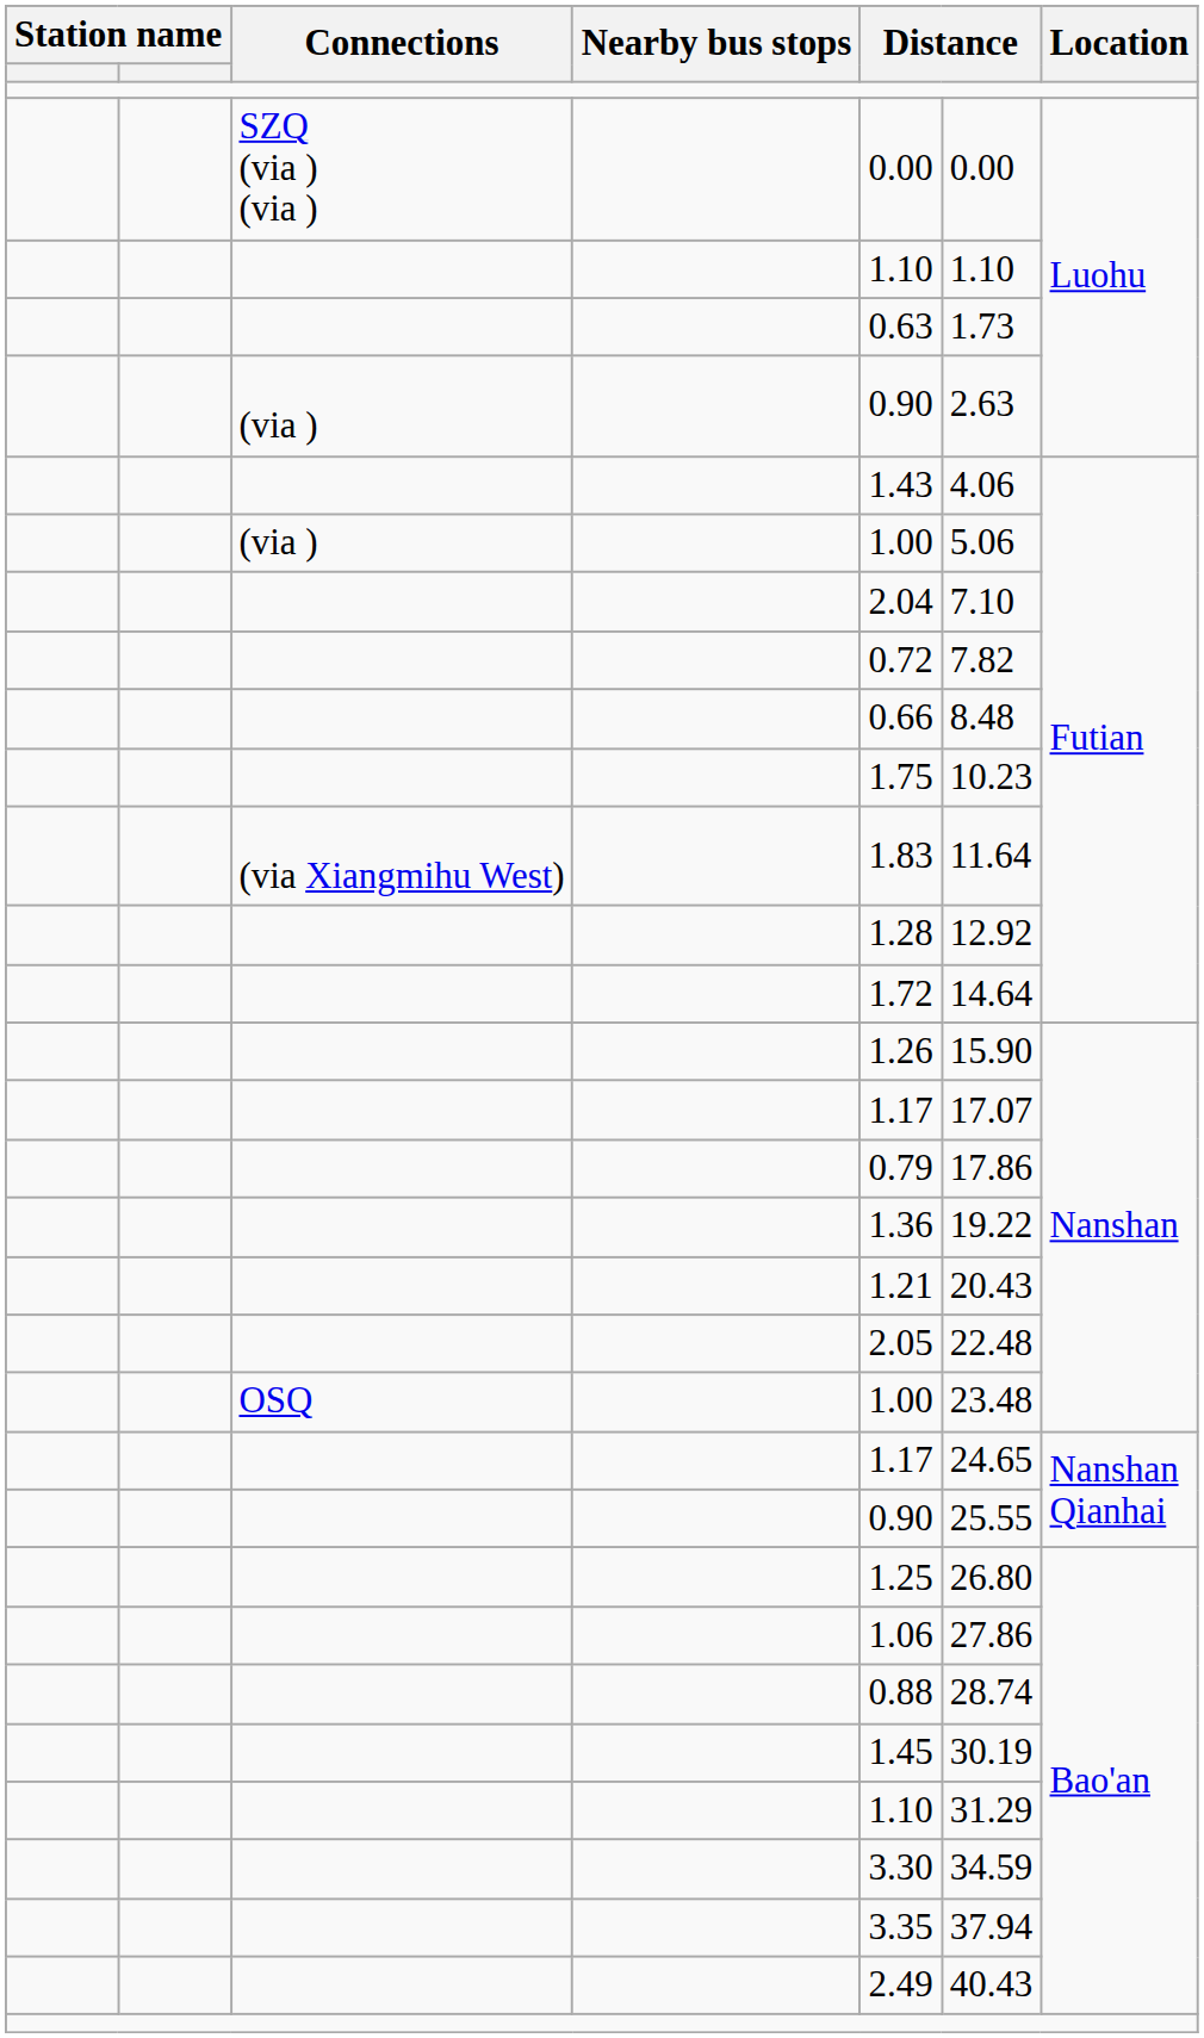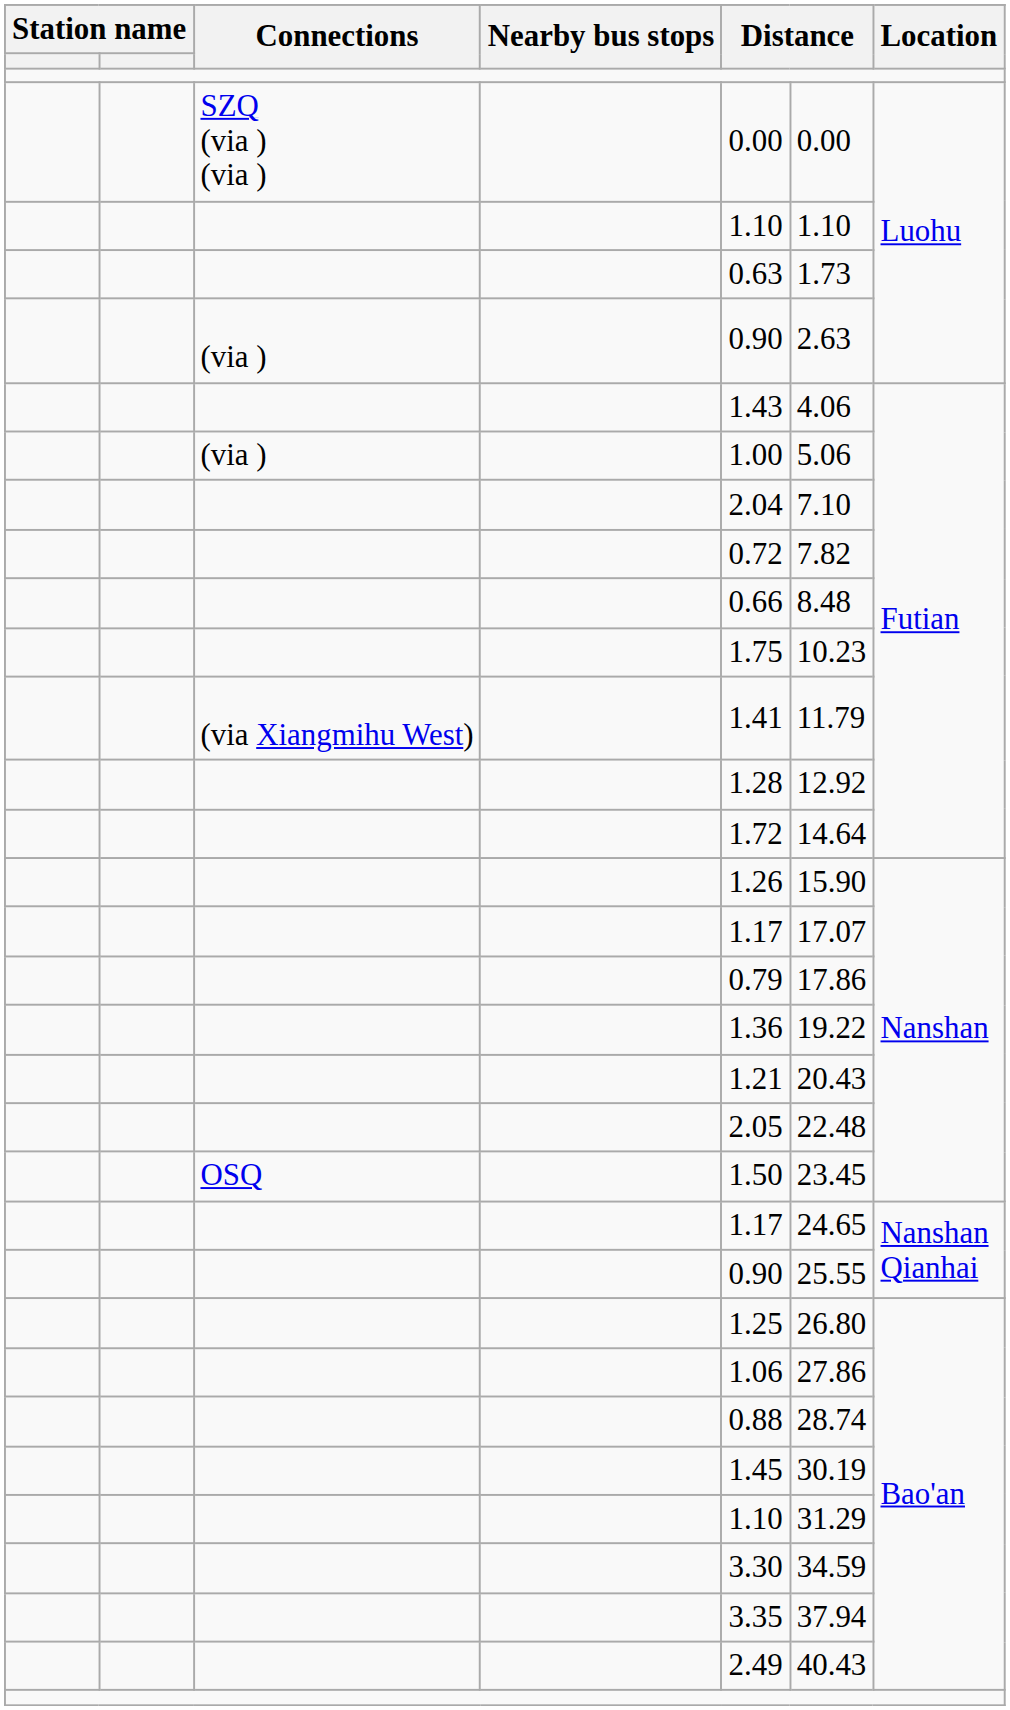 <table class="wikitable">
 <tr>
 <th colspan="2">Station name</th>
 <th rowspan="2">Connections</th>
 <th rowspan="2">Nearby bus stops</th>
 <th colspan="2" rowspan="2">Distance<br></th>
 <th rowspan="2">Location</th>
 </tr>
 <tr>
 <th></th>
 <th></th>
 </tr>
 <tr style="background:#">
 <td colspan = "9"></td>
 </tr>
 <tr>
 <td></td>
 <td></td>
 <td>    <a href='#'>SZQ</a> <br>  (via )<br>  (via )</td>
 <td></td>
 <td>0.00</td>
 <td>0.00</td>
 <td rowspan=4><a href='#'>Luohu</a></td>
 </tr>
 <tr>
 <td></td>
 <td></td>
 <td></td>
 <td></td>
 <td>1.10</td>
 <td>1.10</td>
 </tr>
 <tr>
 <td></td>
 <td></td>
 <td> </td>
 <td></td>
 <td>0.63</td>
 <td>1.73</td>
 </tr>
 <tr>
 <td></td>
 <td></td>
 <td>  <br>  (via )</td>
 <td></td>
 <td>0.90</td>
 <td>2.63</td>
 </tr>
 <tr>
 <td></td>
 <td></td>
 <td></td>
 <td></td>
 <td>1.43</td>
 <td>4.06</td>
 <td rowspan=9><a href='#'>Futian</a></td>
 </tr>
 <tr>
 <td></td>
 <td></td>
 <td>   (via )</td>
 <td></td>
 <td>1.00</td>
 <td>5.06</td>
 </tr>
 <tr>
 <td></td>
 <td></td>
 <td></td>
 <td></td>
 <td>2.04</td>
 <td>7.10</td>
 </tr>
 <tr>
 <td></td>
 <td></td>
 <td></td>
 <td></td>
 <td>0.72</td>
 <td>7.82</td>
 </tr>
 <tr>
 <td></td>
 <td></td>
 <td></td>
 <td></td>
 <td>0.66</td>
 <td>8.48</td>
 </tr>
 <tr>
 <td></td>
 <td></td>
 <td></td>
 <td></td>
 <td>1.75</td>
 <td>10.23</td>
 </tr>
 <tr>
 <td></td>
 <td></td>
 <td>  <br>   (via <a href='#'>Xiangmihu West</a>)</td>
 <td></td>
-<td>1.83</td>
-<td>11.64</td>
+<td>1.41</td>
+<td>11.79</td>
 </tr>
 <tr>
 <td></td>
 <td></td>
 <td></td>
 <td></td>
 <td>1.28</td>
 <td>12.92</td>
 </tr>
 <tr>
 <td></td>
 <td></td>
 <td></td>
 <td></td>
 <td>1.72</td>
 <td>14.64</td>
 </tr>
 <tr>
 <td></td>
 <td></td>
 <td></td>
 <td></td>
 <td>1.26</td>
 <td>15.90</td>
 <td rowspan=7><a href='#'>Nanshan</a></td>
 </tr>
 <tr>
 <td></td>
 <td></td>
 <td> </td>
 <td></td>
 <td>1.17</td>
 <td>17.07</td>
 </tr>
 <tr>
 <td></td>
 <td></td>
 <td> </td>
 <td></td>
 <td>0.79</td>
 <td>17.86</td>
 </tr>
 <tr>
 <td></td>
 <td></td>
 <td></td>
 <td></td>
 <td>1.36</td>
 <td>19.22</td>
 </tr>
 <tr>
 <td></td>
 <td></td>
 <td> </td>
 <td></td>
 <td>1.21</td>
 <td>20.43</td>
 </tr>
 <tr>
 <td></td>
 <td></td>
 <td></td>
 <td></td>
 <td>2.05</td>
 <td>22.48</td>
 </tr>
 <tr>
 <td></td>
 <td></td>
 <td> <a href='#'>OSQ</a></td>
 <td></td>
-<td>1.00</td>
-<td>23.48</td>
+<td>1.50</td>
+<td>23.45</td>
 </tr>
 <tr>
 <td></td>
 <td></td>
 <td></td>
 <td></td>
 <td>1.17</td>
 <td>24.65</td>
 <td rowspan=2><a href='#'>Nanshan</a><br><a href='#'>Qianhai</a></td>
 </tr>
 <tr>
 <td></td>
 <td></td>
 <td> </td>
 <td></td>
 <td>0.90</td>
 <td>25.55</td>
 </tr>
 <tr>
 <td></td>
 <td></td>
 <td></td>
 <td></td>
 <td>1.25</td>
 <td>26.80</td>
 <td rowspan=8><a href='#'>Bao'an</a></td>
 </tr>
 <tr>
 <td></td>
 <td></td>
 <td></td>
 <td></td>
 <td>1.06</td>
 <td>27.86</td>
 </tr>
 <tr>
 <td></td>
 <td></td>
 <td></td>
 <td></td>
 <td>0.88</td>
 <td>28.74</td>
 </tr>
 <tr>
 <td></td>
 <td></td>
 <td></td>
 <td></td>
 <td>1.45</td>
 <td>30.19</td>
 </tr>
 <tr>
 <td></td>
 <td></td>
 <td></td>
 <td></td>
 <td>1.10</td>
 <td>31.29</td>
 </tr>
 <tr>
 <td></td>
 <td></td>
 <td></td>
 <td></td>
 <td>3.30</td>
 <td>34.59</td>
 </tr>
 <tr>
 <td></td>
 <td></td>
 <td></td>
 <td></td>
 <td>3.35</td>
 <td>37.94</td>
 </tr>
 <tr>
 <td></td>
 <td></td>
 <td> </td>
 <td></td>
 <td>2.49</td>
 <td>40.43</td>
 </tr>
 <tr style="background:#">
 <td colspan = "9"></td>
 </tr>
 </table>
